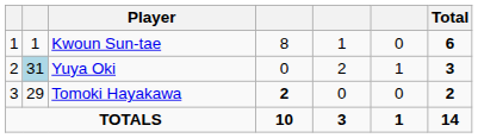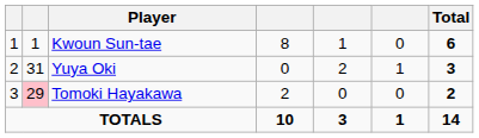 <table class="wikitable sortable" style="text-align:center">
 <tr>
 <th width=10></th>
 <th width=10></th>
 <th width=200>Player</th>
 <th width=50></th>
 <th width=50></th>
 <th width=50></th>
 <th>Total</th>
 </tr>
 <tr>
 <td>1</td>
 <td>1</td>
 <td align="left"> <a href='#'>Kwoun Sun-tae</a></td>
 <td>8</td>
 <td>1</td>
 <td>0</td>
 <td><strong>6</strong></td>
 </tr>
 <tr>
 <td>2</td>
-<td style="background: lightblue;">31</td>
+<td>31</td>
 <td align="left"> <a href='#'>Yuya Oki</a></td>
 <td>0</td>
 <td>2</td>
 <td>1</td>
 <td><strong>3</strong></td>
 </tr>
 <tr>
 <td>3</td>
-<td>29</td>
+<td style="background: pink;">29</td>
 <td align="left"> <a href='#'>Tomoki Hayakawa</a></td>
-<td><strong>2</strong></td>
+<td>2</td>
 <td>0</td>
 <td>0</td>
 <td><strong>2</strong></td>
 </tr>
 <tr>
 <td colspan="3"><strong>TOTALS</strong></td>
 <td><strong>10</strong></td>
 <td><strong>3</strong></td>
 <td><strong>1</strong></td>
 <td><strong>14</strong></td>
 </tr>
 </table>
